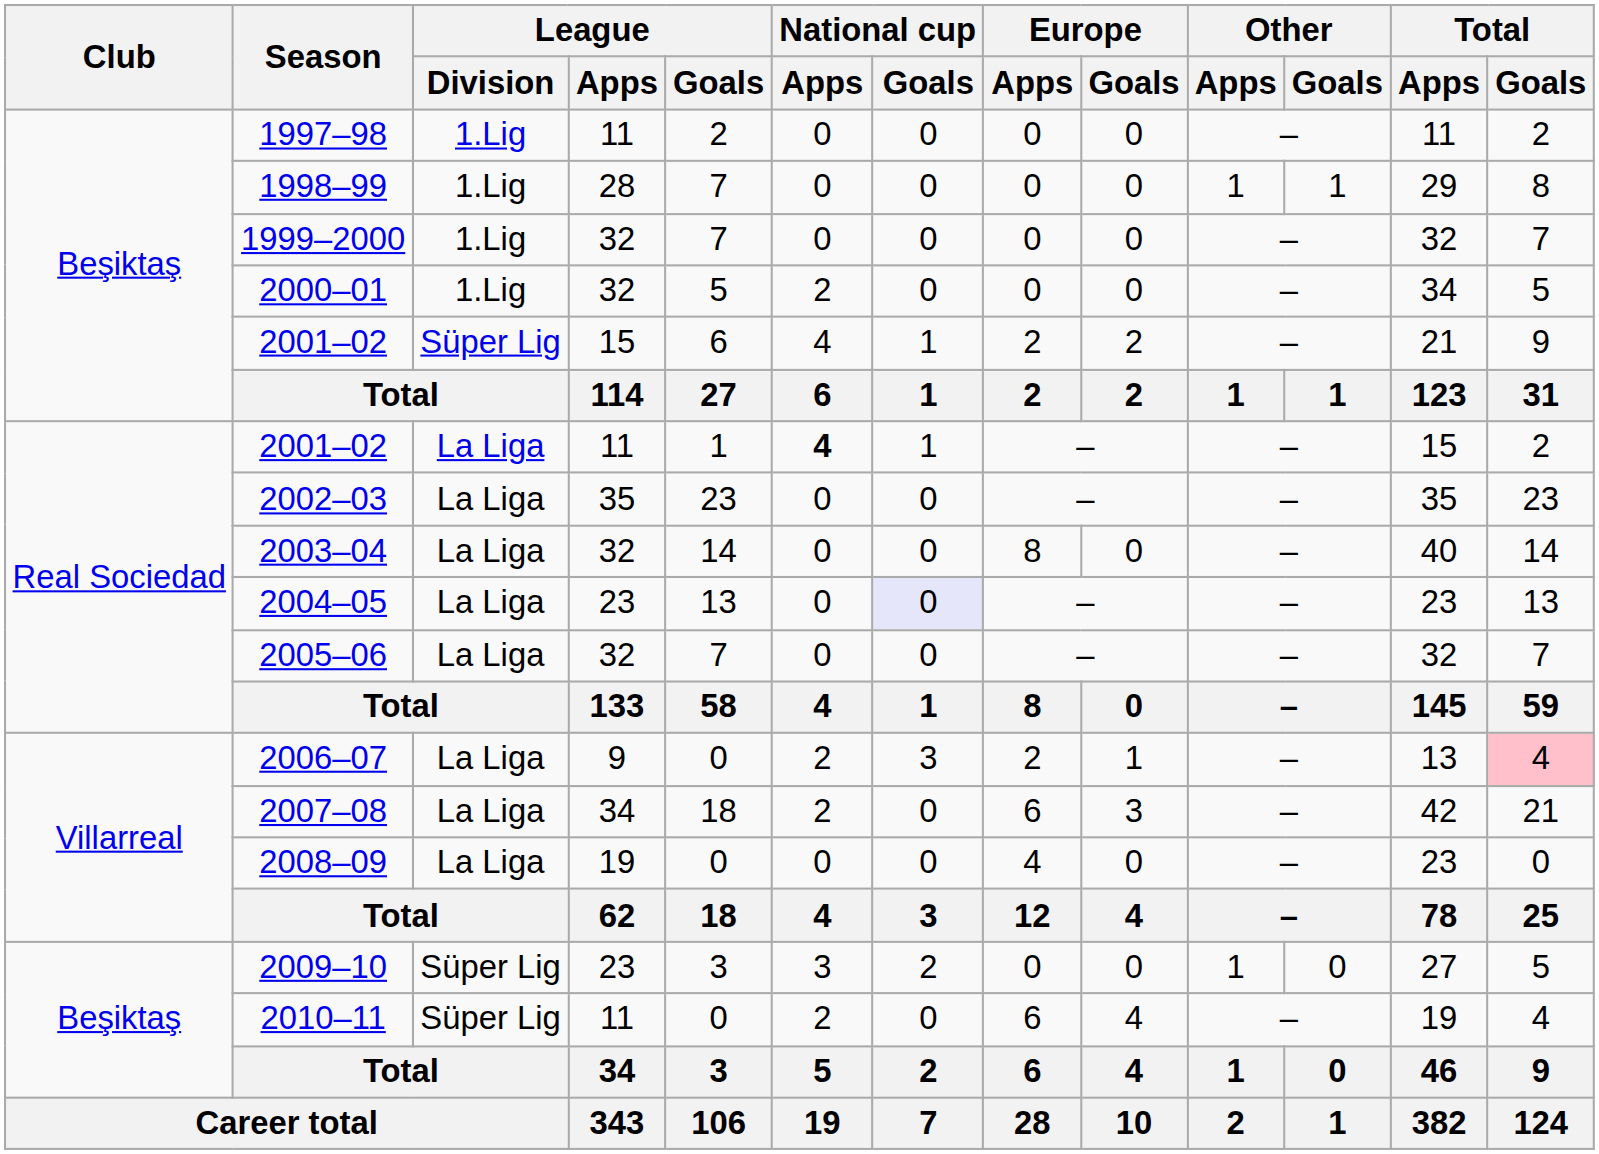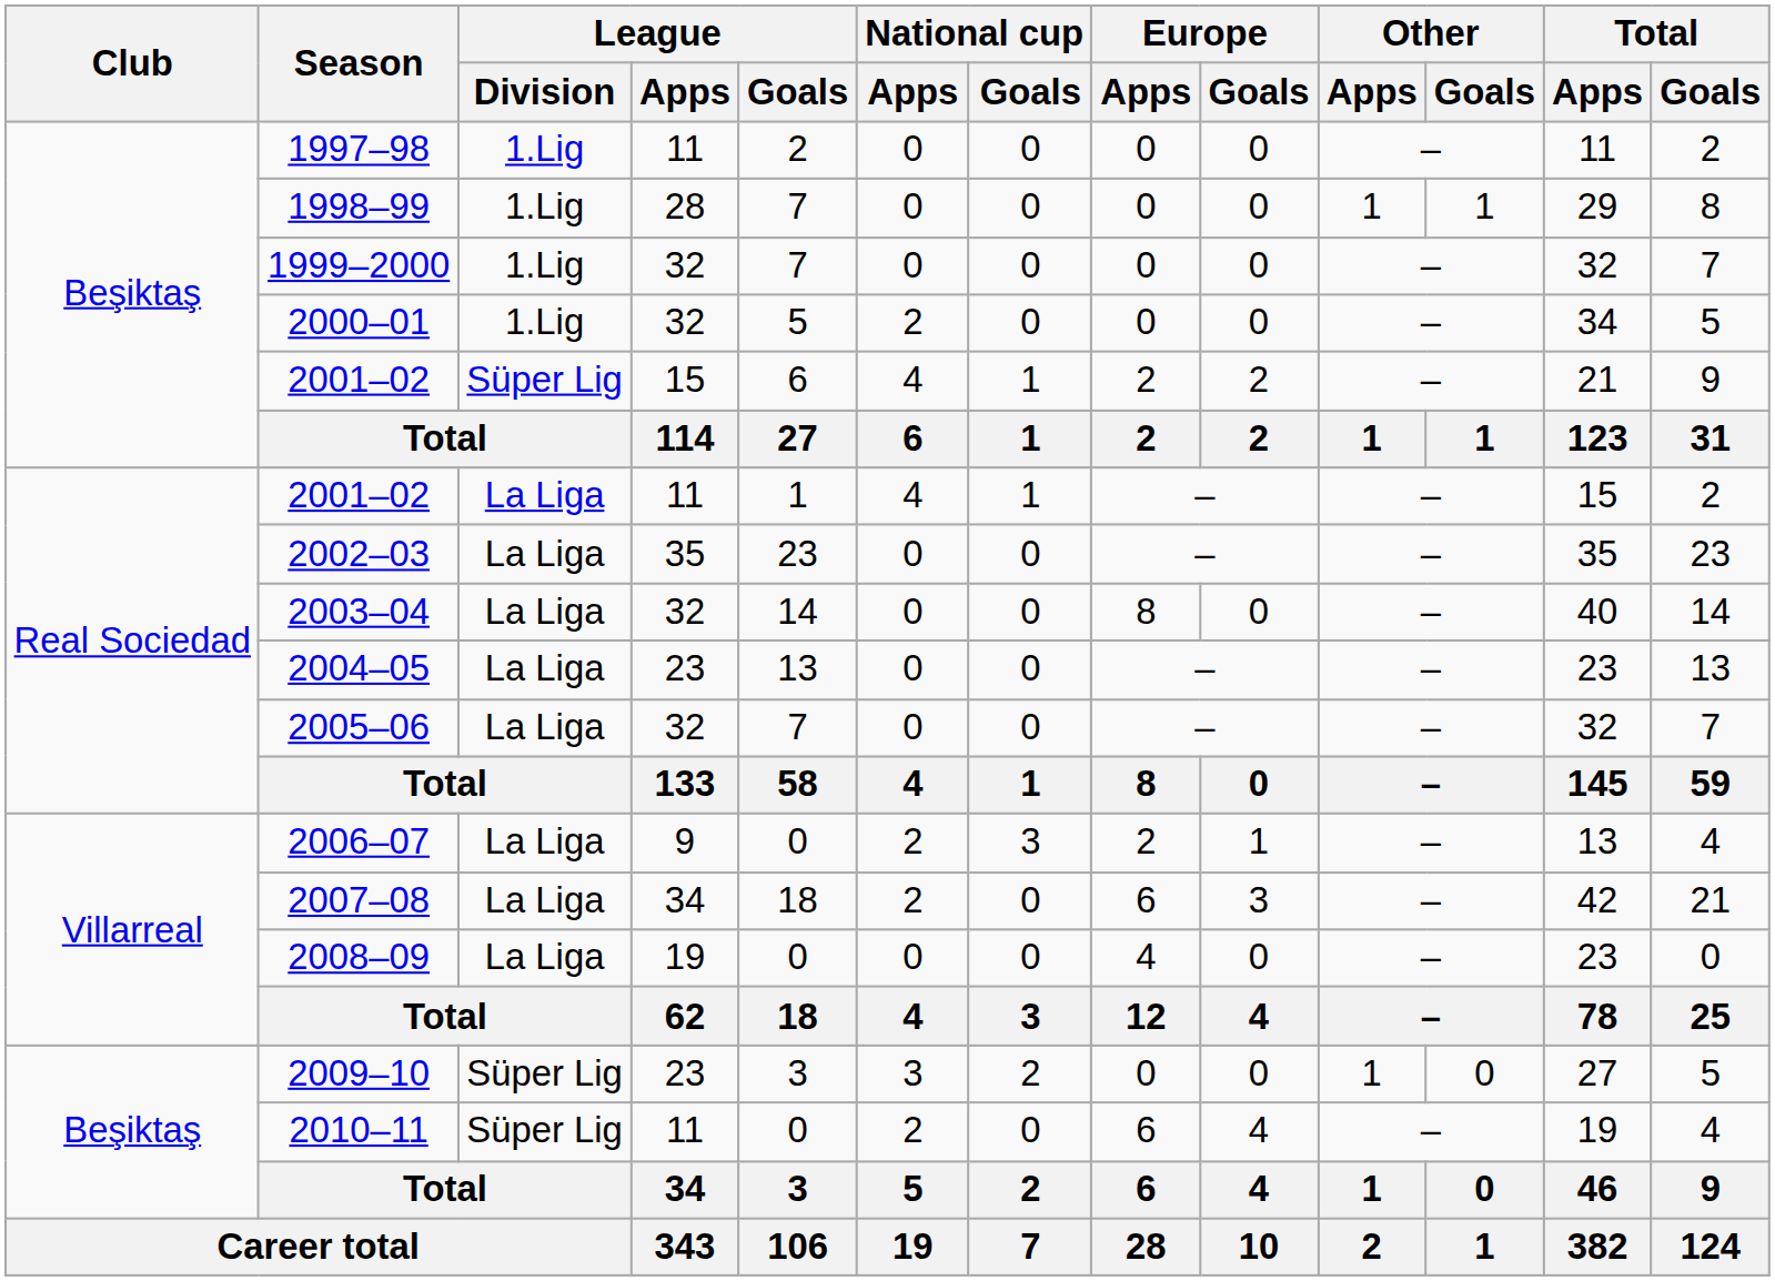 <table class="wikitable" style="text-align:center">
 <tr>
 <th rowspan="2">Club</th>
 <th rowspan="2">Season</th>
 <th colspan="3">League</th>
 <th colspan="2">National cup</th>
 <th colspan="2">Europe</th>
 <th colspan="2">Other</th>
 <th colspan="2">Total</th>
 </tr>
 <tr>
 <th>Division</th>
 <th>Apps</th>
 <th>Goals</th>
 <th>Apps</th>
 <th>Goals</th>
 <th>Apps</th>
 <th>Goals</th>
 <th>Apps</th>
 <th>Goals</th>
 <th>Apps</th>
 <th>Goals</th>
 </tr>
 <tr>
 <td rowspan="6"><a href='#'>Beşiktaş</a></td>
 <td><a href='#'>1997–98</a></td>
 <td><a href='#'>1.Lig</a></td>
 <td>11</td>
 <td>2</td>
 <td>0</td>
 <td>0</td>
 <td>0</td>
 <td>0</td>
 <td colspan="2">–</td>
 <td>11</td>
 <td>2</td>
 </tr>
 <tr>
 <td><a href='#'>1998–99</a></td>
 <td>1.Lig</td>
 <td>28</td>
 <td>7</td>
 <td>0</td>
 <td>0</td>
 <td>0</td>
 <td>0</td>
 <td>1</td>
 <td>1</td>
 <td>29</td>
 <td>8</td>
 </tr>
 <tr>
 <td><a href='#'>1999–2000</a></td>
 <td>1.Lig</td>
 <td>32</td>
 <td>7</td>
 <td>0</td>
 <td>0</td>
 <td>0</td>
 <td>0</td>
 <td colspan="2">–</td>
 <td>32</td>
 <td>7</td>
 </tr>
 <tr>
 <td><a href='#'>2000–01</a></td>
 <td>1.Lig</td>
 <td>32</td>
 <td>5</td>
 <td>2</td>
 <td>0</td>
 <td>0</td>
 <td>0</td>
 <td colspan="2">–</td>
 <td>34</td>
 <td>5</td>
 </tr>
 <tr>
 <td><a href='#'>2001–02</a></td>
 <td><a href='#'>Süper Lig</a></td>
 <td>15</td>
 <td>6</td>
 <td>4</td>
 <td>1</td>
 <td>2</td>
 <td>2</td>
 <td colspan="2">–</td>
 <td>21</td>
 <td>9</td>
 </tr>
 <tr>
 <th colspan="2">Total</th>
 <th>114</th>
 <th>27</th>
 <th>6</th>
 <th>1</th>
 <th>2</th>
 <th>2</th>
 <th>1</th>
 <th>1</th>
 <th>123</th>
 <th>31</th>
 </tr>
 <tr>
 <td rowspan="6"><a href='#'>Real Sociedad</a></td>
 <td><a href='#'>2001–02</a></td>
 <td><a href='#'>La Liga</a></td>
 <td>11</td>
 <td>1</td>
-<td><strong>4</strong></td>
+<td>4</td>
 <td>1</td>
 <td colspan="2">–</td>
 <td colspan="2">–</td>
 <td>15</td>
 <td>2</td>
 </tr>
 <tr>
 <td><a href='#'>2002–03</a></td>
 <td>La Liga</td>
 <td>35</td>
 <td>23</td>
 <td>0</td>
 <td>0</td>
 <td colspan="2">–</td>
 <td colspan="2">–</td>
 <td>35</td>
 <td>23</td>
 </tr>
 <tr>
 <td><a href='#'>2003–04</a></td>
 <td>La Liga</td>
 <td>32</td>
 <td>14</td>
 <td>0</td>
 <td>0</td>
 <td>8</td>
 <td>0</td>
 <td colspan="2">–</td>
 <td>40</td>
 <td>14</td>
 </tr>
 <tr>
 <td><a href='#'>2004–05</a></td>
 <td>La Liga</td>
 <td>23</td>
 <td>13</td>
 <td>0</td>
-<td style="background: lavender;">0</td>
+<td>0</td>
 <td colspan="2">–</td>
 <td colspan="2">–</td>
 <td>23</td>
 <td>13</td>
 </tr>
 <tr>
 <td><a href='#'>2005–06</a></td>
 <td>La Liga</td>
 <td>32</td>
 <td>7</td>
 <td>0</td>
 <td>0</td>
 <td colspan="2">–</td>
 <td colspan="2">–</td>
 <td>32</td>
 <td>7</td>
 </tr>
 <tr>
 <th colspan="2">Total</th>
 <th>133</th>
 <th>58</th>
 <th>4</th>
 <th>1</th>
 <th>8</th>
 <th>0</th>
 <th colspan="2">–</th>
 <th>145</th>
 <th>59</th>
 </tr>
 <tr>
 <td rowspan="4"><a href='#'>Villarreal</a></td>
 <td><a href='#'>2006–07</a></td>
 <td>La Liga</td>
 <td>9</td>
 <td>0</td>
 <td>2</td>
 <td>3</td>
 <td>2</td>
 <td>1</td>
 <td colspan="2">–</td>
 <td>13</td>
-<td style="background: pink;">4</td>
+<td>4</td>
 </tr>
 <tr>
 <td><a href='#'>2007–08</a></td>
 <td>La Liga</td>
 <td>34</td>
 <td>18</td>
 <td>2</td>
 <td>0</td>
 <td>6</td>
 <td>3</td>
 <td colspan="2">–</td>
 <td>42</td>
 <td>21</td>
 </tr>
 <tr>
 <td><a href='#'>2008–09</a></td>
 <td>La Liga</td>
 <td>19</td>
 <td>0</td>
 <td>0</td>
 <td>0</td>
 <td>4</td>
 <td>0</td>
 <td colspan="2">–</td>
 <td>23</td>
 <td>0</td>
 </tr>
 <tr>
 <th colspan="2">Total</th>
 <th>62</th>
 <th>18</th>
 <th>4</th>
 <th>3</th>
 <th>12</th>
 <th>4</th>
 <th colspan="2">–</th>
 <th>78</th>
 <th>25</th>
 </tr>
 <tr>
 <td rowspan="3"><a href='#'>Beşiktaş</a></td>
 <td><a href='#'>2009–10</a></td>
 <td>Süper Lig</td>
 <td>23</td>
 <td>3</td>
 <td>3</td>
 <td>2</td>
 <td>0</td>
 <td>0</td>
 <td>1</td>
 <td>0</td>
 <td>27</td>
 <td>5</td>
 </tr>
 <tr>
 <td><a href='#'>2010–11</a></td>
 <td>Süper Lig</td>
 <td>11</td>
 <td>0</td>
 <td>2</td>
 <td>0</td>
 <td>6</td>
 <td>4</td>
 <td colspan="2">–</td>
 <td>19</td>
 <td>4</td>
 </tr>
 <tr>
 <th colspan="2">Total</th>
 <th>34</th>
 <th>3</th>
 <th>5</th>
 <th>2</th>
 <th>6</th>
 <th>4</th>
 <th>1</th>
 <th>0</th>
 <th>46</th>
 <th>9</th>
 </tr>
 <tr>
 <th colspan="3">Career total</th>
 <th>343</th>
 <th>106</th>
 <th>19</th>
 <th>7</th>
 <th>28</th>
 <th>10</th>
 <th>2</th>
 <th>1</th>
 <th>382</th>
 <th>124</th>
 </tr>
 </table>
